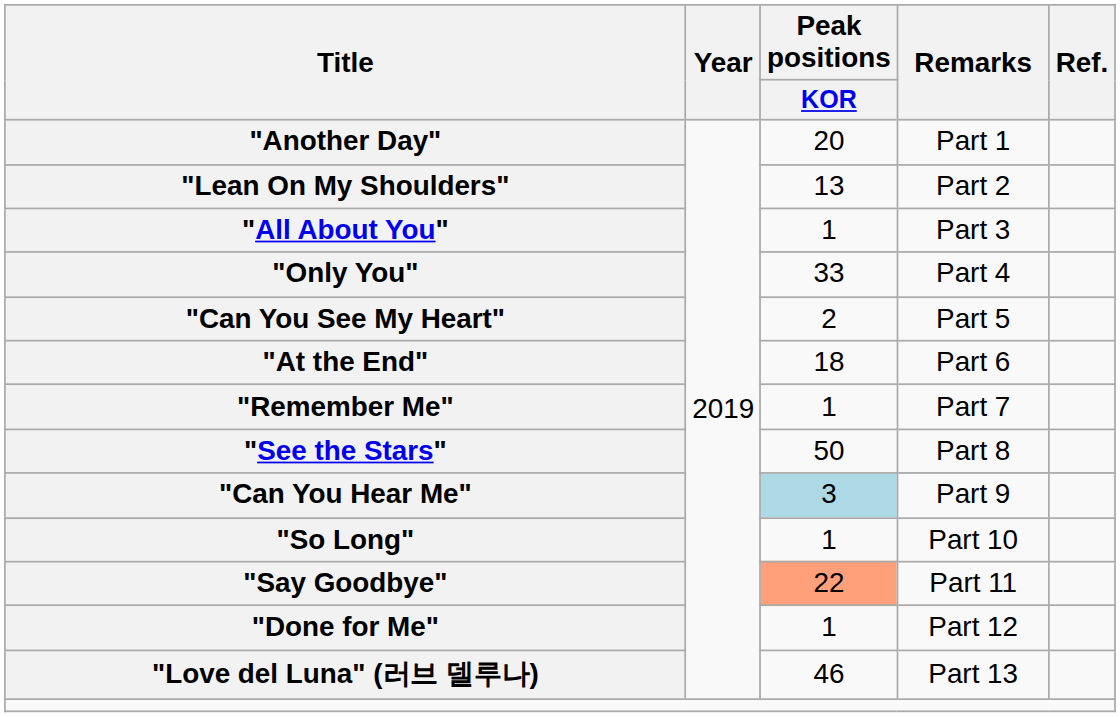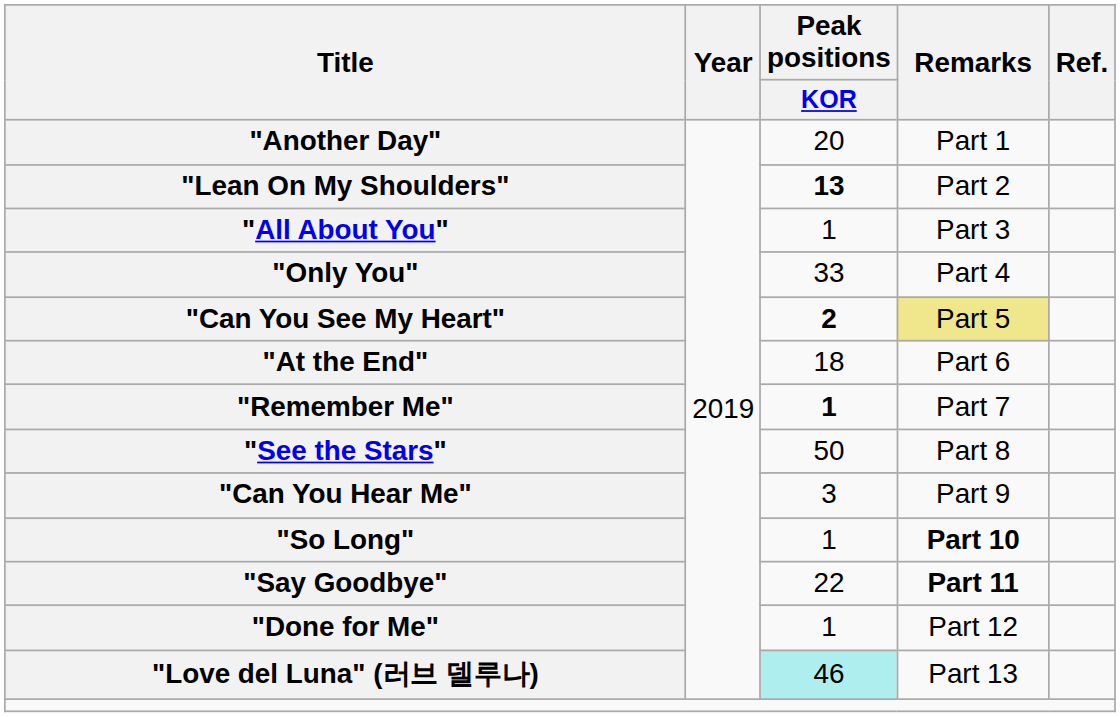 <table class="wikitable plainrowheaders" style="text-align:center">
 <tr>
 <th scope="col" rowspan="2" style="width:24em">Title</th>
 <th scope="col" rowspan="2" style="width:2em">Year</th>
 <th scope="col" colspan="1">Peak<br>positions</th>
 <th scope="col" rowspan="2" style="width:5em">Remarks</th>
 <th rowspan="2">Ref.</th>
 </tr>
 <tr>
 <th scope="col" style="width:2.5em;font-size:90%"><a href='#'>KOR</a></th>
 </tr>
 <tr>
 <th scope="row">"Another Day" </th>
 <td rowspan="13">2019</td>
 <td>20</td>
 <td>Part 1</td>
 <td></td>
 </tr>
 <tr>
 <th scope="row">"Lean On My Shoulders" </th>
-<td>13</td>
+<td><strong>13</strong></td>
 <td>Part 2</td>
 <td></td>
 </tr>
 <tr>
 <th scope="row">"<a href='#'>All About You</a>" </th>
 <td>1</td>
 <td>Part 3</td>
 <td></td>
 </tr>
 <tr>
 <th scope="row">"Only You" </th>
 <td>33</td>
 <td>Part 4</td>
 <td></td>
 </tr>
 <tr>
 <th scope="row">"Can You See My Heart" </th>
-<td>2</td>
-<td>Part 5</td>
+<td><strong>2</strong></td>
+<td style="background: khaki;">Part 5</td>
 <td></td>
 </tr>
 <tr>
 <th scope="row">"At the End" </th>
 <td>18</td>
 <td>Part 6</td>
 <td></td>
 </tr>
 <tr>
 <th scope="row">"Remember Me" </th>
-<td>1</td>
+<td><strong>1</strong></td>
 <td>Part 7</td>
 <td></td>
 </tr>
 <tr>
 <th scope="row">"<a href='#'>See the Stars</a>" </th>
 <td>50</td>
 <td>Part 8</td>
 <td></td>
 </tr>
 <tr>
 <th scope="row">"Can You Hear Me" </th>
-<td style="background: lightblue;">3</td>
+<td>3</td>
 <td>Part 9</td>
 <td></td>
 </tr>
 <tr>
 <th scope="row">"So Long" </th>
 <td>1</td>
-<td>Part 10</td>
+<td><strong>Part 10</strong></td>
 <td></td>
 </tr>
 <tr>
 <th scope="row">"Say Goodbye" </th>
-<td style="background: lightsalmon;">22</td>
-<td>Part 11</td>
+<td>22</td>
+<td><strong>Part 11</strong></td>
 <td></td>
 </tr>
 <tr>
 <th scope="row">"Done for Me" </th>
 <td>1</td>
 <td>Part 12</td>
 <td></td>
 </tr>
 <tr>
 <th scope="row">"Love del Luna" (러브 델루나) </th>
-<td>46</td>
+<td style="background: paleturquoise;">46</td>
 <td>Part 13</td>
 <td></td>
 </tr>
 <tr>
 <td colspan="9"></td>
 </tr>
 </table>
